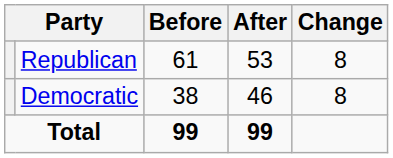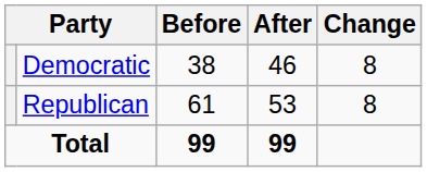 <table class="wikitable" style="text-align:center;">
 <tr>
 <th colspan="2">Party</th>
 <th>Before</th>
 <th>After</th>
 <th>Change</th>
 </tr>
 <tr>
 <th style="background-color:"></th>
-<td style="text-align:left;"><a href='#'>Republican</a></td>
-<td>61</td>
-<td>53</td>
+<td style="text-align:left;"><a href='#'>Democratic</a></td>
+<td>38</td>
+<td>46</td>
 <td> 8</td>
 </tr>
 <tr>
 <th style="background-color:"></th>
-<td style="text-align:left;"><a href='#'>Democratic</a></td>
-<td>38</td>
-<td>46</td>
+<td style="text-align:left;"><a href='#'>Republican</a></td>
+<td>61</td>
+<td>53</td>
 <td> 8</td>
 </tr>
 <tr>
 <td colspan="2"><strong>Total</strong></td>
 <td><strong>99</strong></td>
 <td><strong>99</strong></td>
 <td></td>
 </tr>
 </table>
